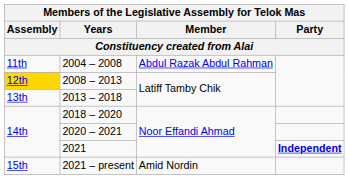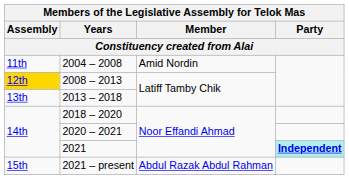 <table class=wikitable>
 <tr>
 <th colspan=4>Members of the Legislative Assembly for Telok Mas</th>
 </tr>
 <tr>
 <th>Assembly</th>
 <th>Years</th>
 <th>Member</th>
 <th>Party</th>
 </tr>
 <tr>
 <th colspan=4 align=center><em>Constituency created from Alai</em></th>
 </tr>
 <tr>
 <td><a href='#'>11th</a></td>
 <td>2004 – 2008</td>
-<td><a href='#'>Abdul Razak Abdul Rahman</a></td>
+<td>Amid Nordin</td>
 <td rowspan="3"></td>
 </tr>
 <tr>
 <td style="background: gold;"><a href='#'>12th</a></td>
 <td>2008 – 2013</td>
 <td rowspan="2">Latiff Tamby Chik</td>
 </tr>
 <tr>
 <td><a href='#'>13th</a></td>
 <td>2013 – 2018</td>
 </tr>
 <tr>
 <td rowspan="3"><a href='#'>14th</a></td>
 <td>2018 – 2020</td>
 <td rowspan="3"><a href='#'>Noor Effandi Ahmad</a></td>
 <td></td>
 </tr>
 <tr>
 <td>2020 – 2021</td>
 <td></td>
 </tr>
 <tr>
 <td>2021</td>
-<td><strong><a href='#'>Independent</a></strong></td>
+<td style="background: paleturquoise;"><strong><a href='#'>Independent</a></strong></td>
 </tr>
 <tr>
 <td><a href='#'>15th</a></td>
 <td>2021 – present</td>
-<td>Amid Nordin</td>
+<td><a href='#'>Abdul Razak Abdul Rahman</a></td>
 <td></td>
 </tr>
 </table>
